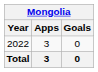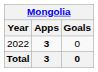 <table class="wikitable" style="text-align:center">
 <tr>
 <th colspan=3><a href='#'>Mongolia</a></th>
 </tr>
 <tr>
 <th>Year</th>
 <th>Apps</th>
 <th>Goals</th>
 </tr>
 <tr>
 <td>2022</td>
-<td>3</td>
+<td><strong>3</strong></td>
 <td>0</td>
 </tr>
 <tr>
 <th>Total</th>
 <th>3</th>
 <th>0</th>
 </tr>
 </table>
